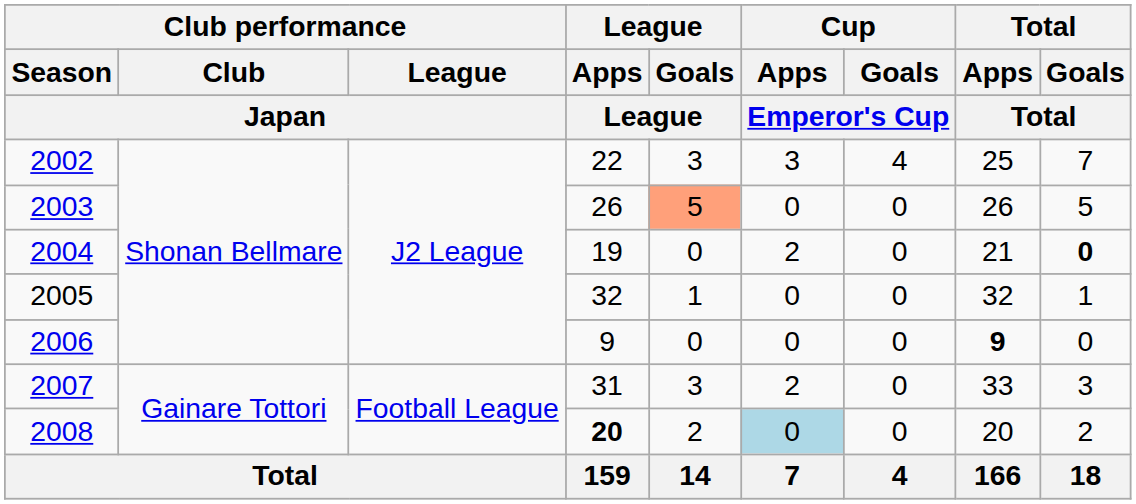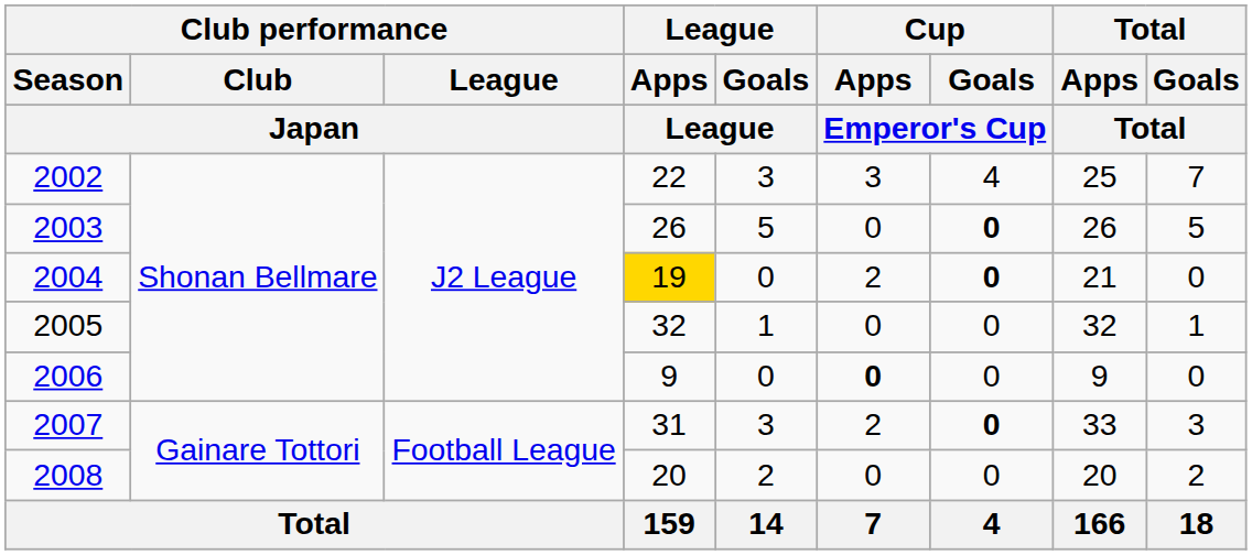 <table class="wikitable" style="text-align:center;">
 <tr>
 <th colspan=3>Club performance</th>
 <th colspan=2>League</th>
 <th colspan=2>Cup</th>
 <th colspan=2>Total</th>
 </tr>
 <tr>
 <th>Season</th>
 <th>Club</th>
 <th>League</th>
 <th>Apps</th>
 <th>Goals</th>
 <th>Apps</th>
 <th>Goals</th>
 <th>Apps</th>
 <th>Goals</th>
 </tr>
 <tr>
 <th colspan=3>Japan</th>
 <th colspan=2>League</th>
 <th colspan=2><a href='#'>Emperor's Cup</a></th>
 <th colspan=2>Total</th>
 </tr>
 <tr>
 <td><a href='#'>2002</a></td>
 <td rowspan="5"><a href='#'>Shonan Bellmare</a></td>
 <td rowspan="5"><a href='#'>J2 League</a></td>
 <td>22</td>
 <td>3</td>
 <td>3</td>
 <td>4</td>
 <td>25</td>
 <td>7</td>
 </tr>
 <tr>
 <td><a href='#'>2003</a></td>
 <td>26</td>
-<td style="background: lightsalmon;">5</td>
+<td>5</td>
 <td>0</td>
-<td>0</td>
+<td><strong>0</strong></td>
 <td>26</td>
 <td>5</td>
 </tr>
 <tr>
 <td><a href='#'>2004</a></td>
-<td>19</td>
+<td style="background: gold;">19</td>
 <td>0</td>
 <td>2</td>
+<td><strong>0</strong></td>
+<td>21</td>
 <td>0</td>
-<td>21</td>
-<td><strong>0</strong></td>
 </tr>
 <tr>
 <td>2005</td>
 <td>32</td>
 <td>1</td>
 <td>0</td>
 <td>0</td>
 <td>32</td>
 <td>1</td>
 </tr>
 <tr>
 <td><a href='#'>2006</a></td>
 <td>9</td>
 <td>0</td>
+<td><strong>0</strong></td>
 <td>0</td>
-<td>0</td>
-<td><strong>9</strong></td>
+<td>9</td>
 <td>0</td>
 </tr>
 <tr>
 <td><a href='#'>2007</a></td>
 <td rowspan="2"><a href='#'>Gainare Tottori</a></td>
 <td rowspan="2"><a href='#'>Football League</a></td>
 <td>31</td>
 <td>3</td>
 <td>2</td>
-<td>0</td>
+<td><strong>0</strong></td>
 <td>33</td>
 <td>3</td>
 </tr>
 <tr>
 <td><a href='#'>2008</a></td>
-<td><strong>20</strong></td>
+<td>20</td>
 <td>2</td>
-<td style="background: lightblue;">0</td>
+<td>0</td>
 <td>0</td>
 <td>20</td>
 <td>2</td>
 </tr>
 <tr>
 <th colspan=3>Total</th>
 <th>159</th>
 <th>14</th>
 <th>7</th>
 <th>4</th>
 <th>166</th>
 <th>18</th>
 </tr>
 </table>
